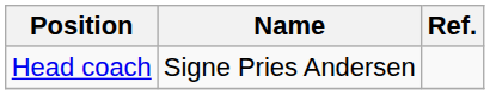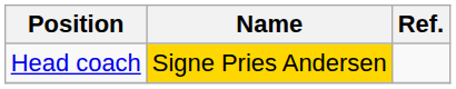 <table class="wikitable">
 <tr>
 <th>Position</th>
 <th>Name</th>
 <th>Ref.</th>
 </tr>
 <tr>
 <td><a href='#'>Head coach</a></td>
-<td> Signe Pries Andersen</td>
+<td style="background: gold;"> Signe Pries Andersen</td>
 <td></td>
 </tr>
 <tr>
 </tr>
 </table>
